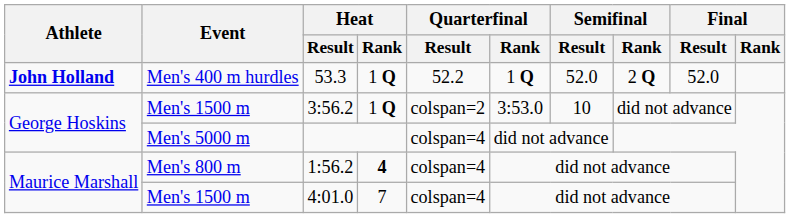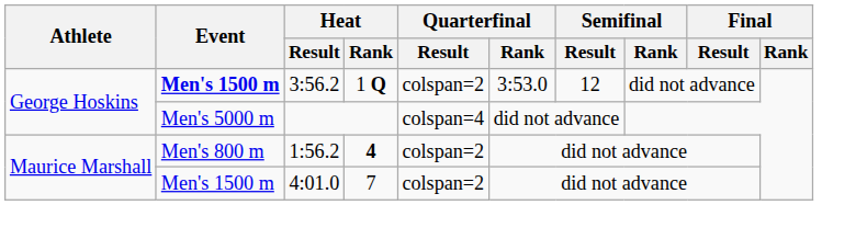 <table class=wikitable style=font-size:90%>
 <tr>
 <th rowspan=2>Athlete</th>
 <th rowspan=2>Event</th>
 <th colspan=2>Heat</th>
 <th colspan=2>Quarterfinal</th>
 <th colspan=2>Semifinal</th>
 <th colspan=2>Final</th>
 </tr>
 <tr style=font-size:95%>
 <th>Result</th>
 <th>Rank</th>
 <th>Result</th>
 <th>Rank</th>
 <th>Result</th>
 <th>Rank</th>
 <th>Result</th>
 <th>Rank</th>
 </tr>
 <tr align=center>
-<td align=left><strong><a href='#'>John Holland</a></strong></td>
-<td align=left><a href='#'>Men's 400 m hurdles</a></td>
-<td>53.3</td>
-<td>1 <strong>Q</strong></td>
-<td>52.2</td>
-<td>1 <strong>Q</strong></td>
-<td>52.0</td>
-<td>2 <strong>Q</strong></td>
-<td>52.0</td>
-<td></td>
-</tr>
-<tr align=center>
 <td align=left rowspan=2><a href='#'>George Hoskins</a></td>
-<td align=left><a href='#'>Men's 1500 m</a></td>
+<td align=left><strong><a href='#'>Men's 1500 m</a></strong></td>
 <td>3:56.2</td>
 <td>1 <strong>Q</strong></td>
 <td>colspan=2 </td>
 <td>3:53.0</td>
-<td>10</td>
+<td>12</td>
 <td colspan=2>did not advance</td>
 </tr>
 <tr align=center>
 <td align=left><a href='#'>Men's 5000 m</a></td>
 <td colspan=2></td>
 <td>colspan=4 </td>
 <td colspan=2>did not advance</td>
 </tr>
 <tr align=center>
 <td align=left rowspan=2><a href='#'>Maurice Marshall</a></td>
 <td align=left><a href='#'>Men's 800 m</a></td>
 <td>1:56.2</td>
 <td><strong>4</strong></td>
-<td>colspan=4 </td>
+<td>colspan=2 </td>
 <td colspan=4>did not advance</td>
 </tr>
 <tr align=center>
 <td align=left><a href='#'>Men's 1500 m</a></td>
 <td>4:01.0</td>
 <td>7</td>
-<td>colspan=4 </td>
+<td>colspan=2 </td>
 <td colspan=4>did not advance</td>
 </tr>
 </table>
